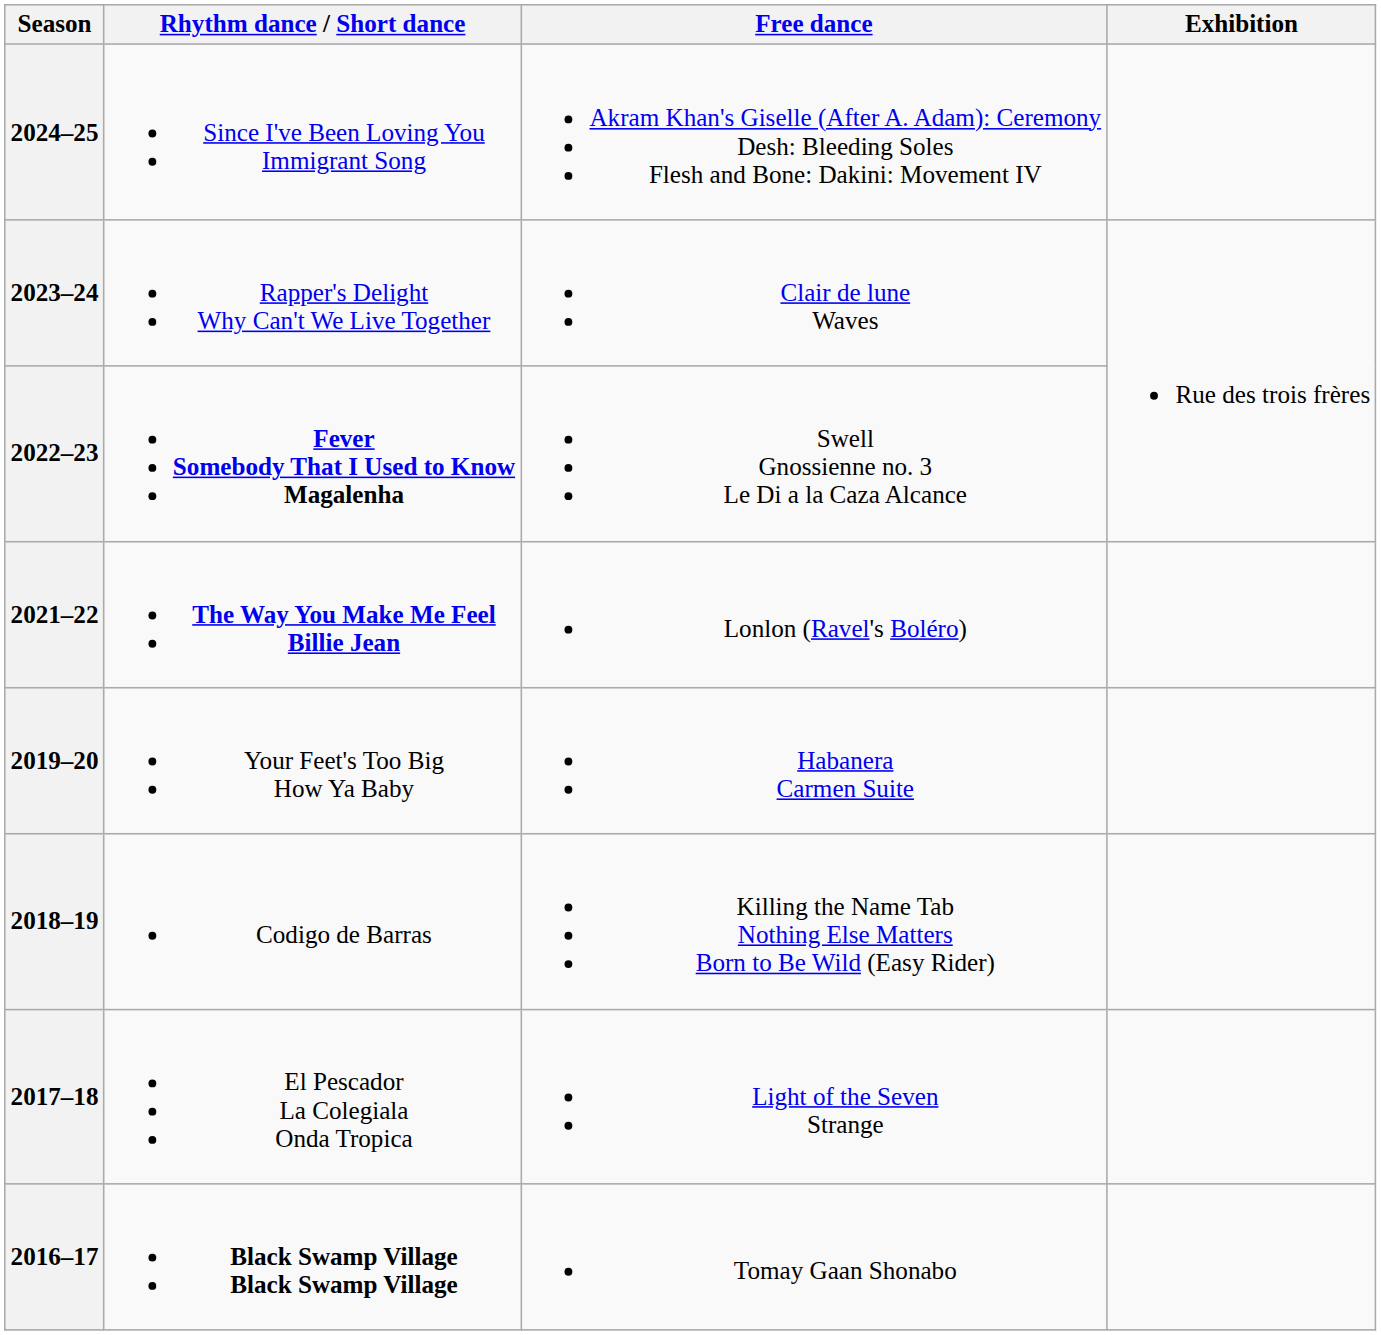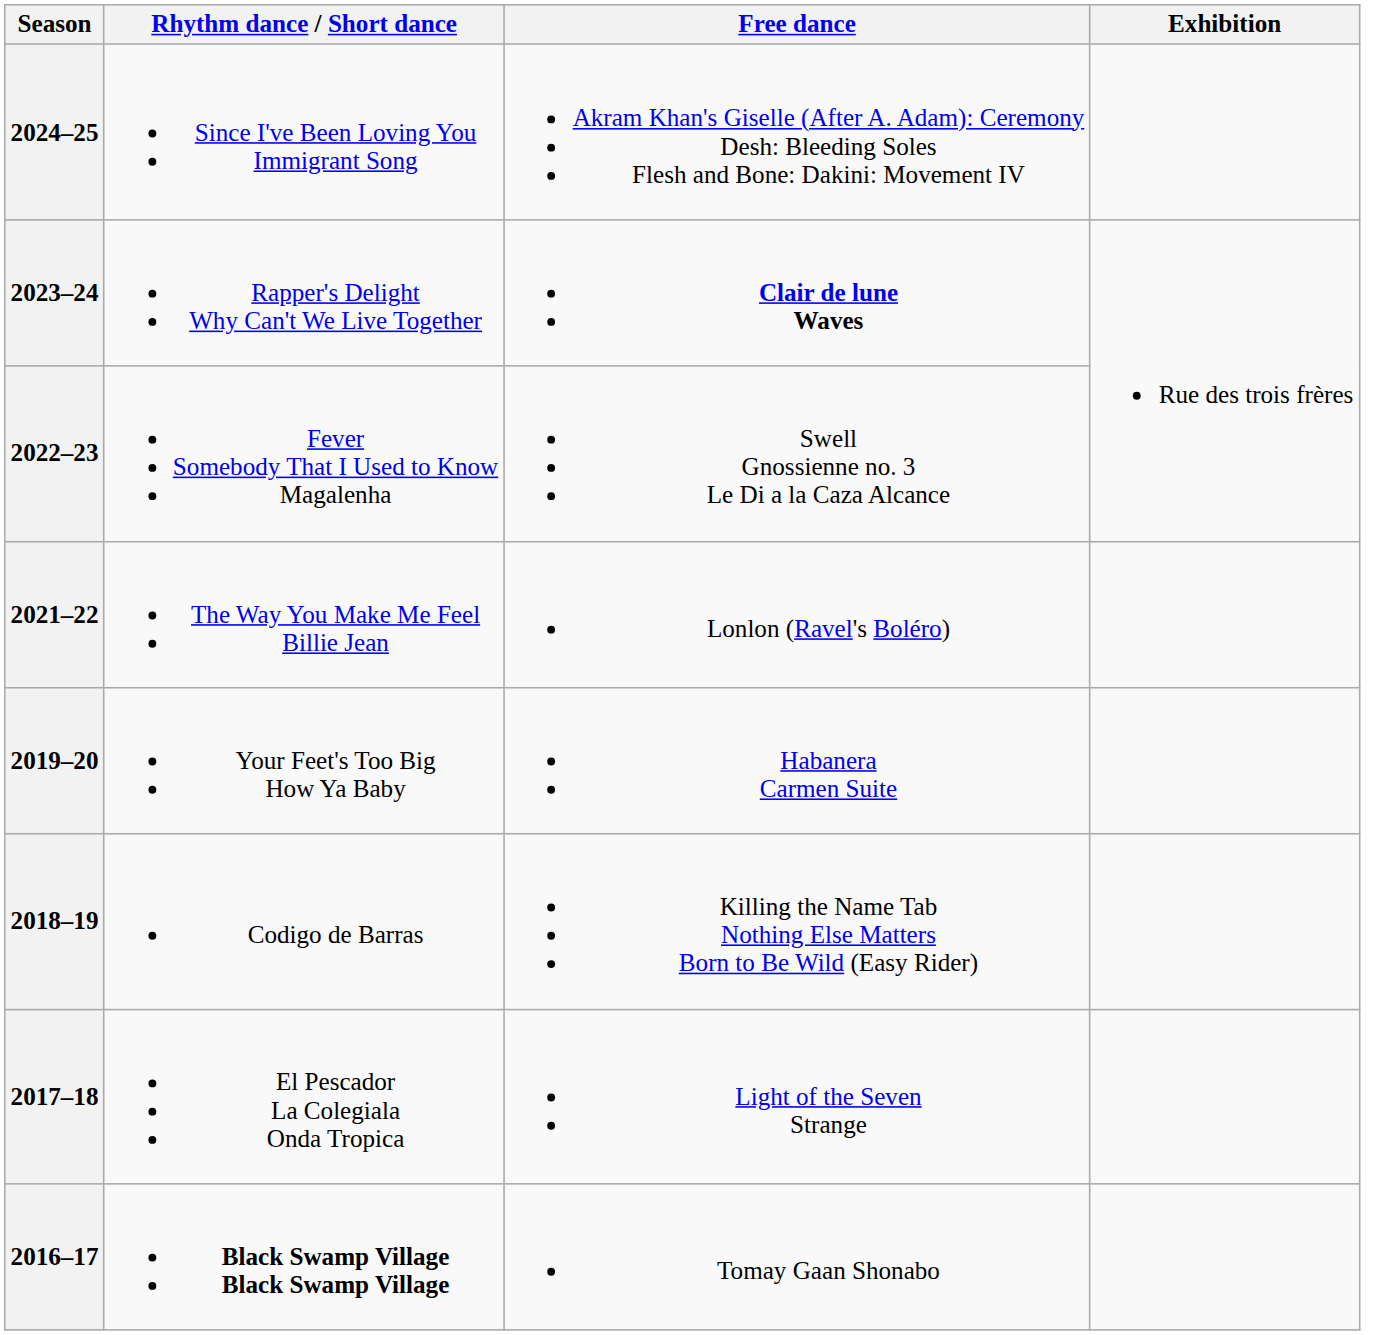 <table class=wikitable style=text-align:center>
 <tr>
 <th>Season</th>
 <th><a href='#'>Rhythm dance</a> / <a href='#'>Short dance</a></th>
 <th><a href='#'>Free dance</a></th>
 <th>Exhibition</th>
 </tr>
 <tr>
 <th>2024–25 <br> </th>
 <td><br><ul><li><a href='#'>Since I've Been Loving You</a></li><li><a href='#'>Immigrant Song</a> <br> </li></ul></td>
 <td><br><ul><li><a href='#'>Akram Khan's Giselle (After A. Adam): Ceremony</a> <br> </li><li>Desh: Bleeding Soles <br> </li><li>Flesh and Bone: Dakini: Movement IV <br> </li></ul></td>
 <td></td>
 </tr>
 <tr>
 <th>2023–24 <br> </th>
 <td><br><ul><li><a href='#'>Rapper's Delight</a> <br> </li><li><a href='#'>Why Can't We Live Together</a> <br> </li></ul></td>
-<td><br><ul><li><a href='#'>Clair de lune</a> <br> </li><li>Waves <br> </li></ul></td>
+<td><strong><br><ul><li><a href='#'>Clair de lune</a> <br> </li><li>Waves <br> </li></ul></strong></td>
 <td rowspan=2><br><ul><li>Rue des trois frères <br></li></ul></td>
 </tr>
 <tr>
 <th>2022–23 <br> </th>
-<td><strong><br><ul><li> <a href='#'>Fever</a> <br></li><li> <a href='#'>Somebody That I Used to Know</a> <br></li><li> Magalenha <br></li></ul></strong></td>
+<td><br><ul><li> <a href='#'>Fever</a> <br></li><li> <a href='#'>Somebody That I Used to Know</a> <br></li><li> Magalenha <br></li></ul></td>
 <td><br><ul><li>Swell <br></li><li>Gnossienne no. 3 <br></li><li>Le Di a la Caza Alcance <br></li></ul></td>
 </tr>
 <tr>
 <th>2021–22 <br> </th>
-<td><strong><br><ul><li> <a href='#'>The Way You Make Me Feel</a> <br> </li><li> <a href='#'>Billie Jean</a> <br></li></ul></strong></td>
+<td><br><ul><li> <a href='#'>The Way You Make Me Feel</a> <br> </li><li> <a href='#'>Billie Jean</a> <br></li></ul></td>
 <td><br><ul><li>Lonlon (<a href='#'>Ravel</a>'s <a href='#'>Boléro</a>) <br></li></ul></td>
 <td></td>
 </tr>
 <tr>
 <th>2019–20 <br> </th>
 <td><br><ul><li> Your Feet's Too Big <br></li><li>How Ya Baby <br></li></ul></td>
 <td><br><ul><li><a href='#'>Habanera</a> <br></li><li><a href='#'>Carmen Suite</a> <br></li></ul></td>
 <td></td>
 </tr>
 <tr>
 <th>2018–19 <br> </th>
 <td><br><ul><li> Codigo de Barras <br></li></ul></td>
 <td><br><ul><li>Killing the Name Tab <br></li><li><a href='#'>Nothing Else Matters</a> <br></li><li><a href='#'>Born to Be Wild</a> (Easy Rider) <br></li></ul></td>
 <td></td>
 </tr>
 <tr>
 <th>2017–18 <br> </th>
 <td><br><ul><li> El Pescador <br></li><li> La Colegiala <br></li><li> Onda Tropica <br></li></ul></td>
 <td><br><ul><li><a href='#'>Light of the Seven</a> <br></li><li>Strange <br></li></ul></td>
 <td></td>
 </tr>
 <tr>
 <th>2016–17 <br> </th>
 <td><strong><br><ul><li> Black Swamp Village</li><li> Black Swamp Village <br></li></ul></strong></td>
 <td><br><ul><li>Tomay Gaan Shonabo <br></li></ul></td>
 <td></td>
 </tr>
 </table>
